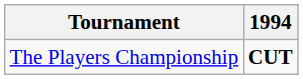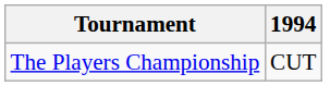 <table class="wikitable" style="font-size:95%;text-align:center;">
 <tr>
 <th>Tournament</th>
 <th>1994</th>
 </tr>
 <tr>
 <td align=left><a href='#'>The Players Championship</a></td>
-<td><strong>CUT</strong></td>
+<td>CUT</td>
 </tr>
 </table>
